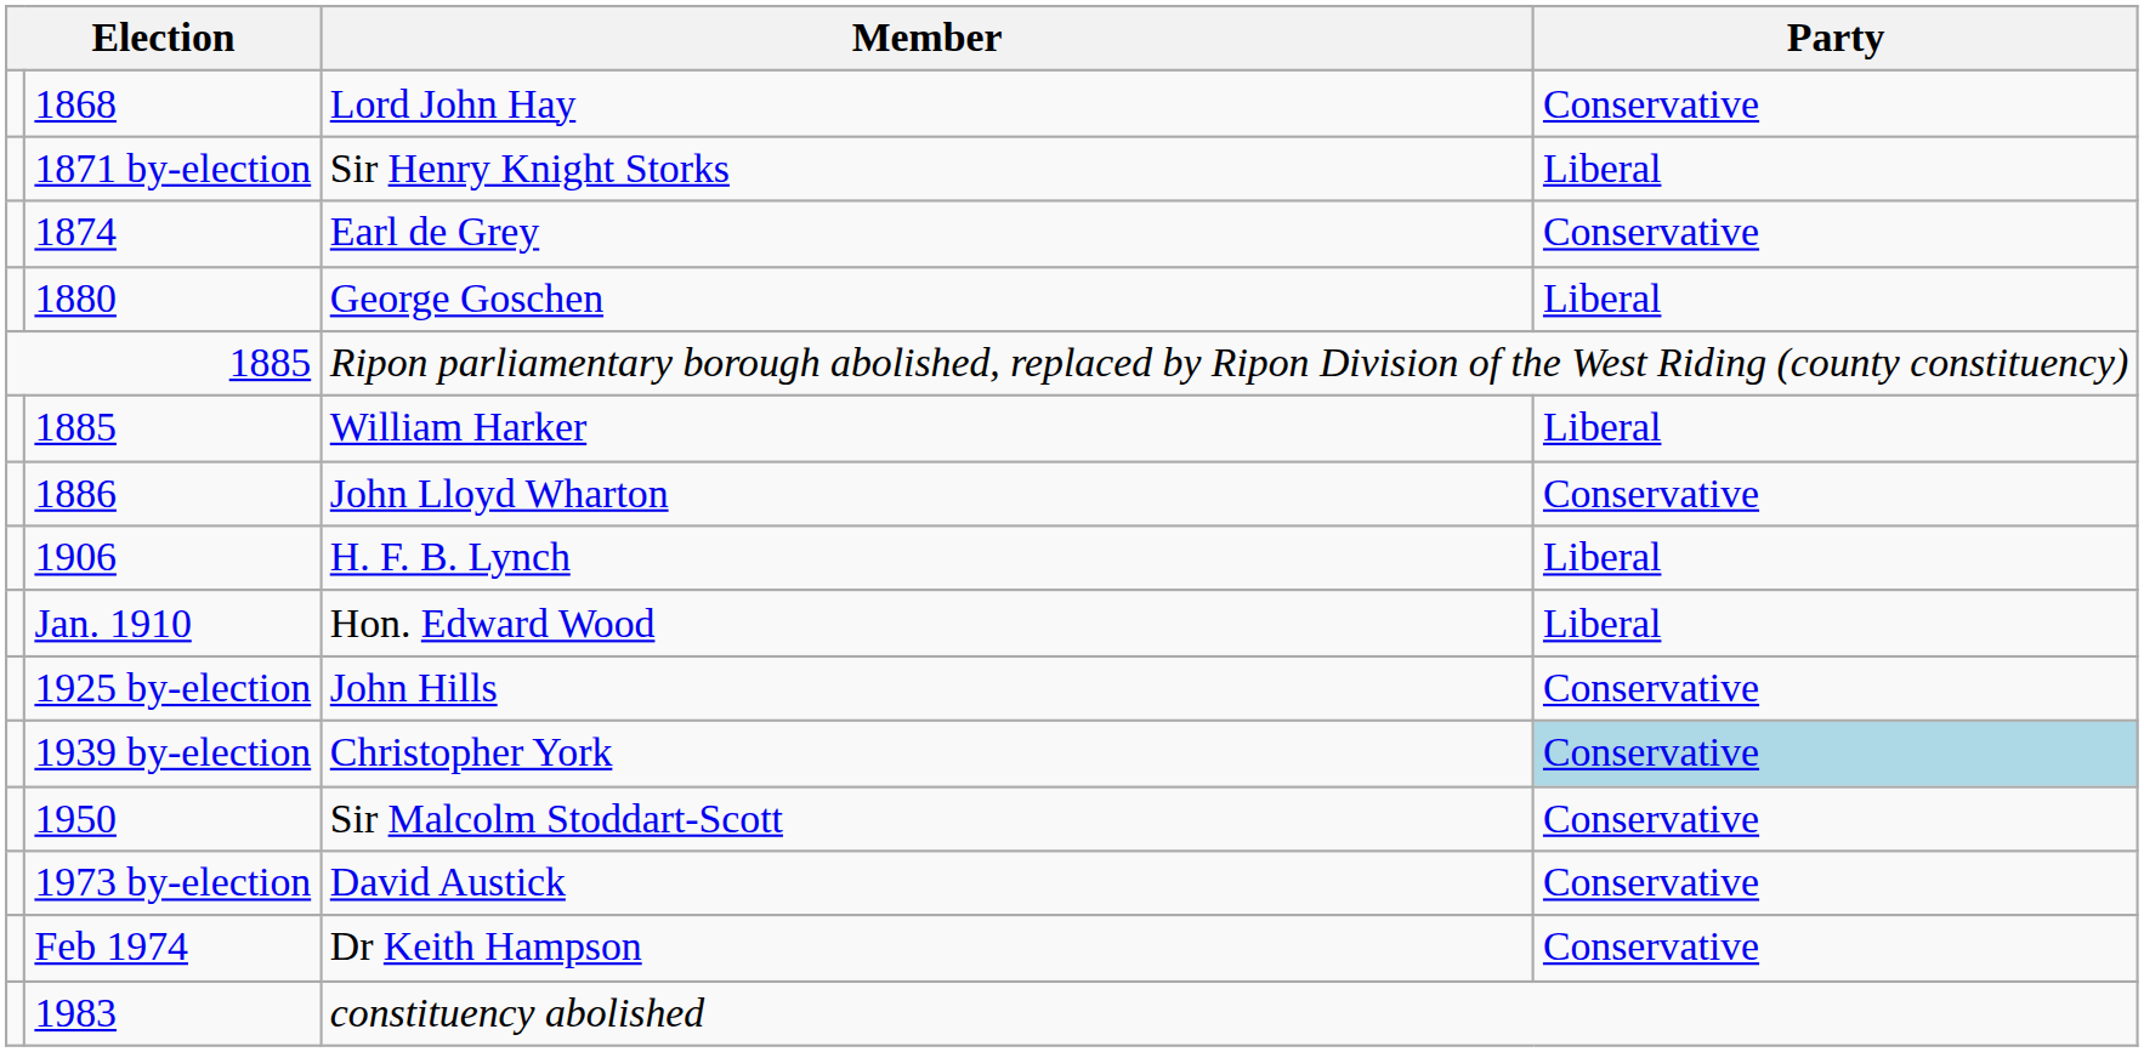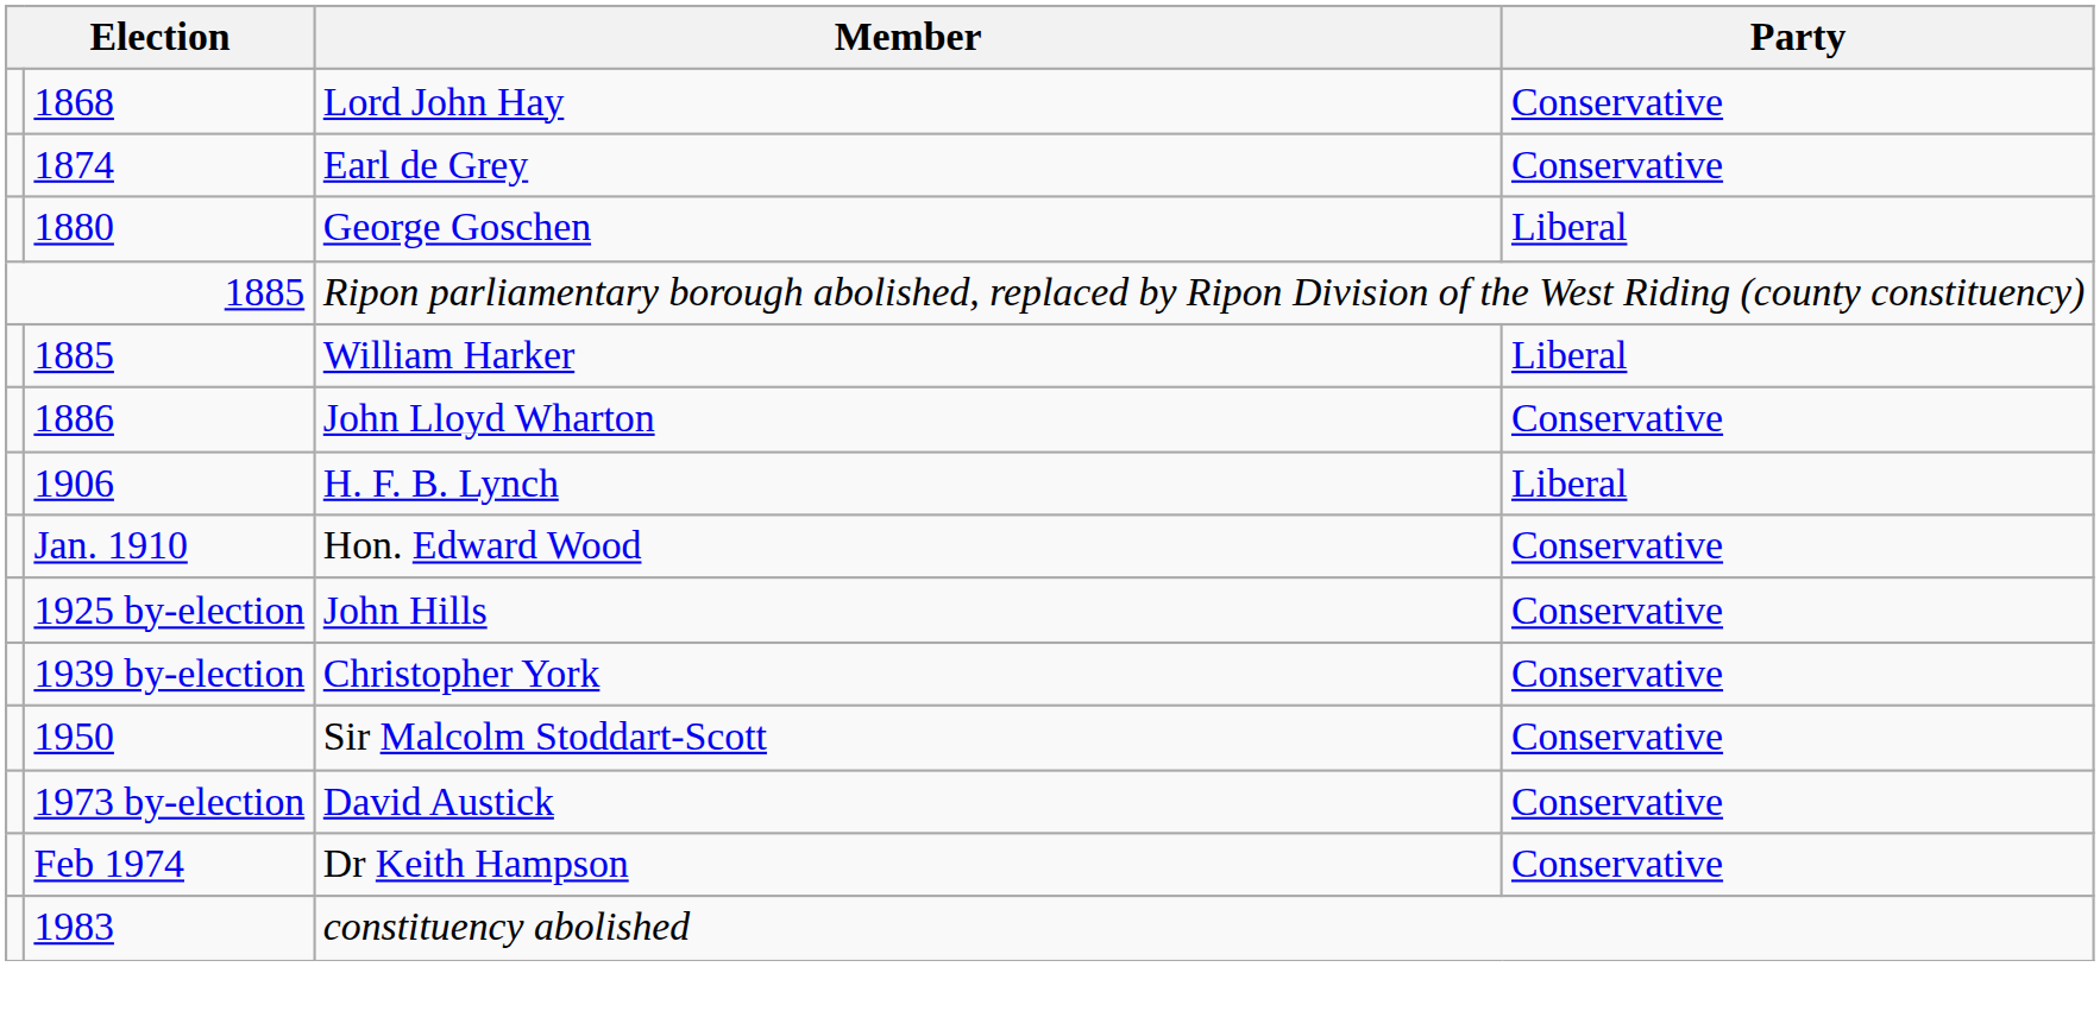 <table class="wikitable">
 <tr>
 <th colspan="2">Election</th>
 <th>Member</th>
 <th>Party</th>
 </tr>
 <tr>
 <td style="color:inherit;background-color: "></td>
 <td><a href='#'>1868</a></td>
 <td><a href='#'>Lord John Hay</a></td>
 <td><a href='#'>Conservative</a></td>
-</tr>
-<tr>
-<td style="color:inherit;background-color: "></td>
-<td><a href='#'>1871 by-election</a></td>
-<td>Sir <a href='#'>Henry Knight Storks</a></td>
-<td><a href='#'>Liberal</a></td>
 </tr>
 <tr>
 <td style="color:inherit;background-color: "></td>
 <td><a href='#'>1874</a></td>
 <td><a href='#'>Earl de Grey</a></td>
 <td><a href='#'>Conservative</a></td>
 </tr>
 <tr>
 <td style="color:inherit;background-color: "></td>
 <td><a href='#'>1880</a></td>
 <td><a href='#'>George Goschen</a></td>
 <td><a href='#'>Liberal</a></td>
 </tr>
 <tr>
 <td colspan="2" align="right"><a href='#'>1885</a></td>
 <td colspan="2"><em>Ripon parliamentary borough abolished, replaced by Ripon Division of the West Riding (county constituency)</em></td>
 </tr>
 <tr>
 <td style="color:inherit;background-color: "></td>
 <td><a href='#'>1885</a></td>
 <td><a href='#'>William Harker</a></td>
 <td><a href='#'>Liberal</a></td>
 </tr>
 <tr>
 <td style="color:inherit;background-color: "></td>
 <td><a href='#'>1886</a></td>
 <td><a href='#'>John Lloyd Wharton</a></td>
 <td><a href='#'>Conservative</a></td>
 </tr>
 <tr>
 <td style="color:inherit;background-color: "></td>
 <td><a href='#'>1906</a></td>
 <td><a href='#'>H. F. B. Lynch</a></td>
 <td><a href='#'>Liberal</a></td>
 </tr>
 <tr>
 <td style="color:inherit;background-color: "></td>
 <td><a href='#'>Jan. 1910</a></td>
 <td>Hon. <a href='#'>Edward Wood</a></td>
-<td><a href='#'>Liberal</a></td>
+<td><a href='#'>Conservative</a></td>
 </tr>
 <tr>
 <td style="color:inherit;background-color: "></td>
 <td><a href='#'>1925 by-election</a></td>
 <td><a href='#'>John Hills</a></td>
 <td><a href='#'>Conservative</a></td>
 </tr>
 <tr>
 <td style="color:inherit;background-color: "></td>
 <td><a href='#'>1939 by-election</a></td>
 <td><a href='#'>Christopher York</a></td>
-<td style="background: lightblue;"><a href='#'>Conservative</a></td>
+<td><a href='#'>Conservative</a></td>
 </tr>
 <tr>
 <td style="color:inherit;background-color: "></td>
 <td><a href='#'>1950</a></td>
 <td>Sir <a href='#'>Malcolm Stoddart-Scott</a></td>
 <td><a href='#'>Conservative</a></td>
 </tr>
 <tr>
 <td style="color:inherit;background-color: "></td>
 <td><a href='#'>1973 by-election</a></td>
 <td><a href='#'>David Austick</a></td>
 <td><a href='#'>Conservative</a></td>
 </tr>
 <tr>
 <td style="color:inherit;background-color: "></td>
 <td><a href='#'>Feb 1974</a></td>
 <td>Dr <a href='#'>Keith Hampson</a></td>
 <td><a href='#'>Conservative</a></td>
 </tr>
 <tr>
 <td></td>
 <td><a href='#'>1983</a></td>
 <td colspan="2"><em>constituency abolished</em></td>
 </tr>
 </table>
